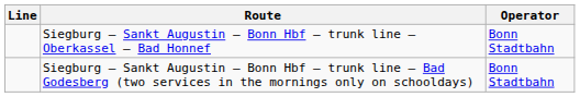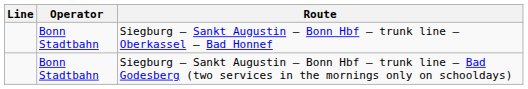 <table class="wikitable">
 <tr class="hintergrundfarbe5">
 <th>Line</th>
+<th>Operator</th>
 <th>Route</th>
-<th>Operator</th>
 </tr>
 <tr>
 <td></td>
+<td><a href='#'>Bonn Stadtbahn</a></td>
 <td>Siegburg – <a href='#'>Sankt Augustin</a> – <a href='#'>Bonn Hbf</a> – trunk line – <a href='#'>Oberkassel</a> – <a href='#'>Bad Honnef</a></td>
-<td><a href='#'>Bonn Stadtbahn</a></td>
 </tr>
 <tr>
 <td></td>
+<td><a href='#'>Bonn Stadtbahn</a></td>
 <td>Siegburg – Sankt Augustin – Bonn Hbf – trunk line – <a href='#'>Bad Godesberg</a> (two services in the mornings only on schooldays)</td>
-<td><a href='#'>Bonn Stadtbahn</a></td>
 </tr>
 </table>
